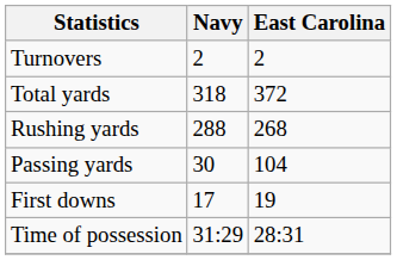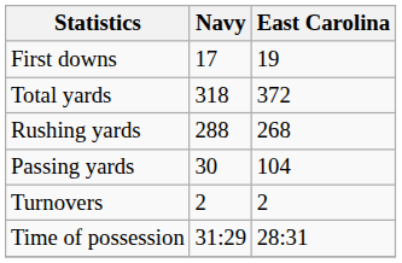 <table class="wikitable">
 <tr>
 <th>Statistics</th>
 <th>Navy</th>
 <th>East Carolina</th>
 </tr>
 <tr>
-<td>Turnovers</td>
-<td>2</td>
-<td>2</td>
+<td>First downs</td>
+<td>17</td>
+<td>19</td>
 </tr>
 <tr>
 <td>Total yards</td>
 <td>318</td>
 <td>372</td>
 </tr>
 <tr>
 <td>Rushing yards</td>
 <td>288</td>
 <td>268</td>
 </tr>
 <tr>
 <td>Passing yards</td>
 <td>30</td>
 <td>104</td>
 </tr>
 <tr>
-<td>First downs</td>
-<td>17</td>
-<td>19</td>
+<td>Turnovers</td>
+<td>2</td>
+<td>2</td>
 </tr>
 <tr>
 <td>Time of possession</td>
 <td>31:29</td>
 <td>28:31</td>
 </tr>
 <tr>
 </tr>
 </table>
